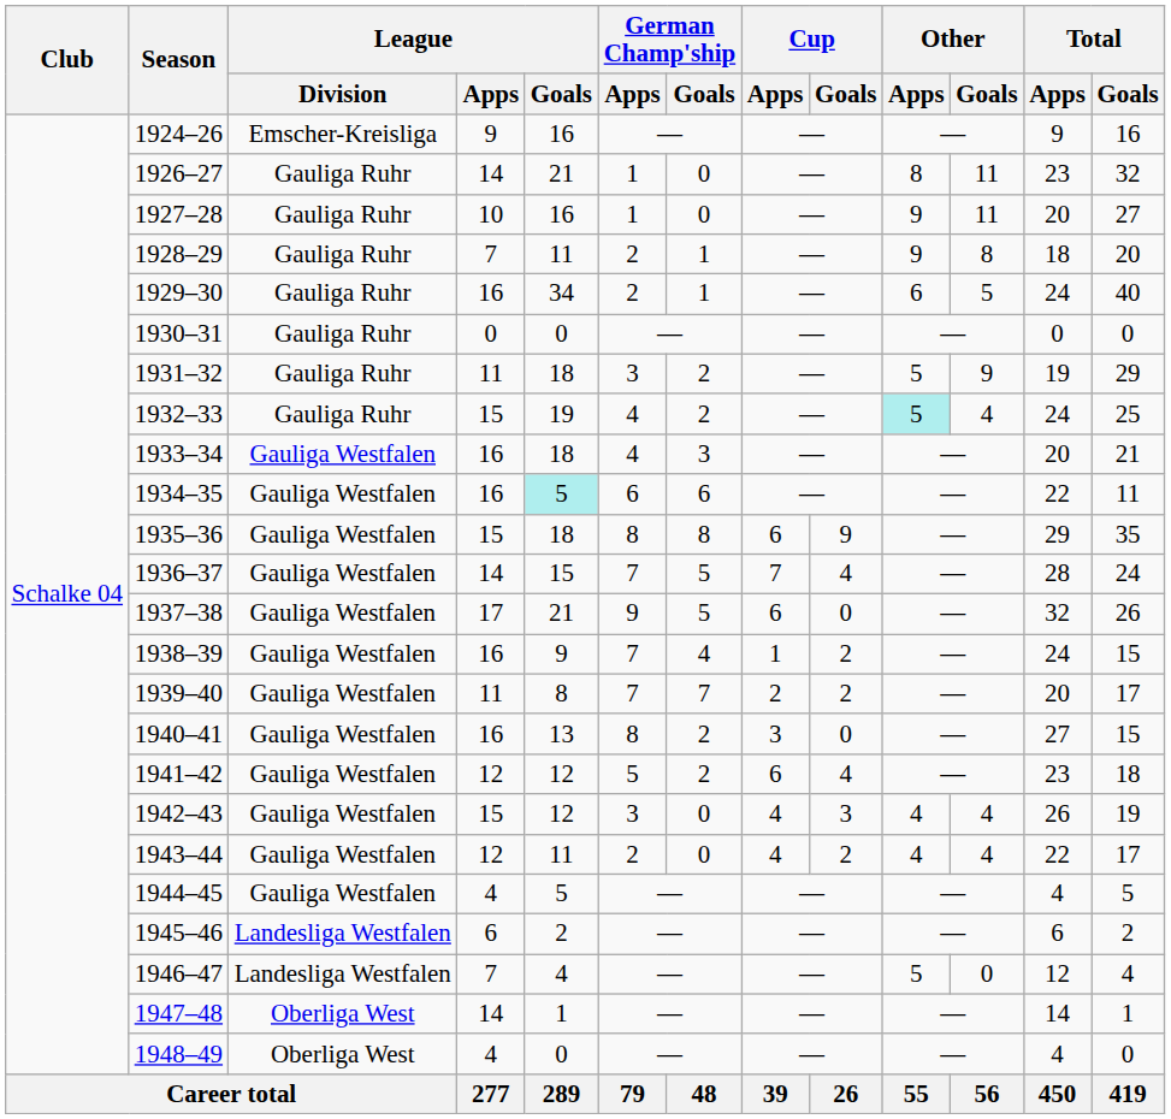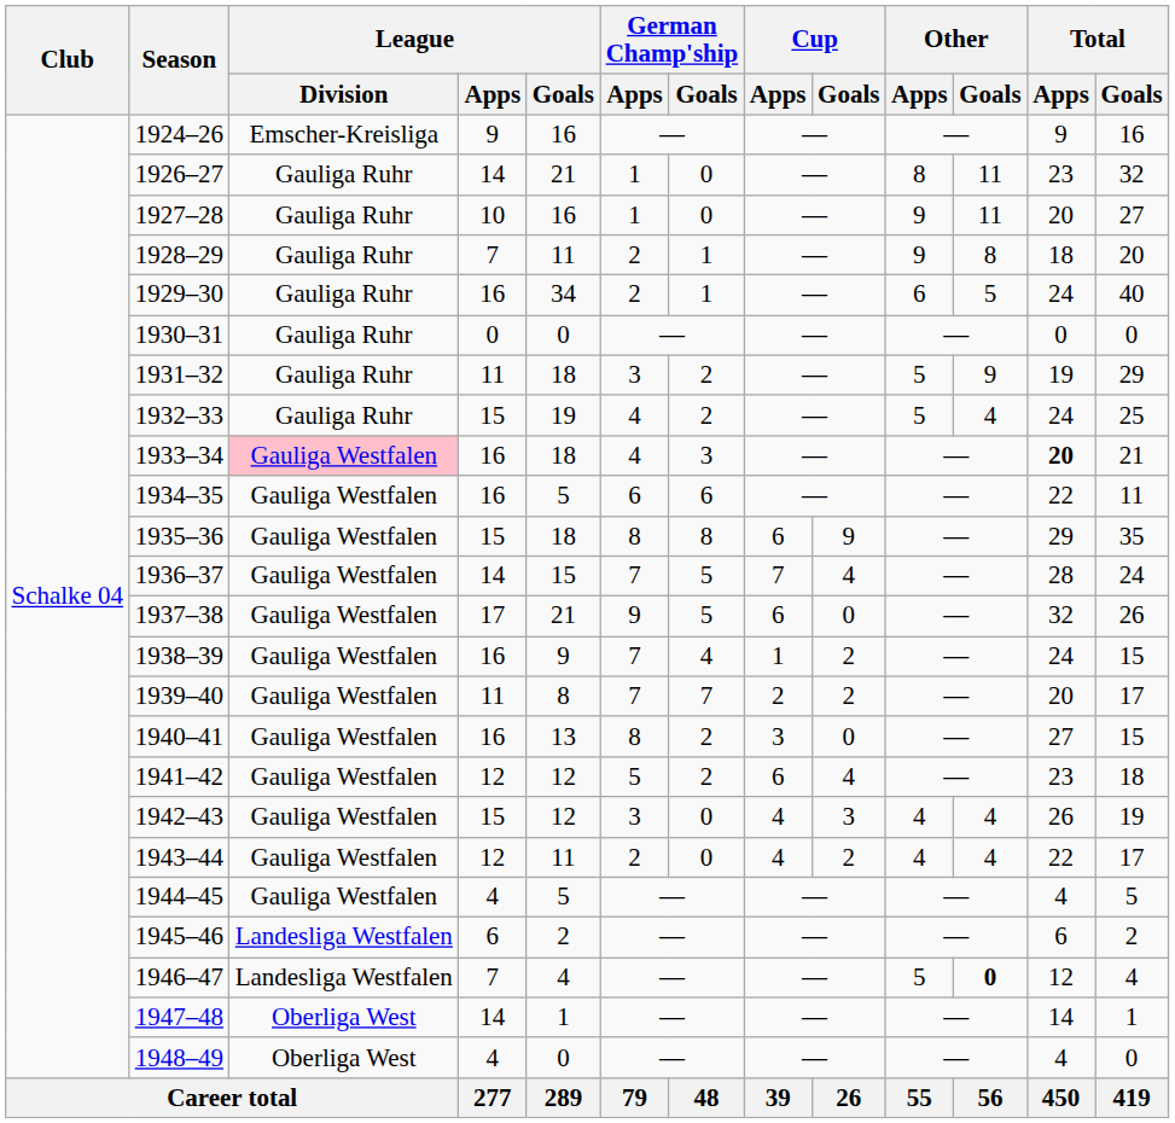 <table class="wikitable" style="text-align:center">
 <tr>
 <th rowspan="2">Club</th>
 <th rowspan="2">Season</th>
 <th colspan="3">League</th>
 <th colspan="2"><a href='#'>German<br>Champ'ship</a></th>
 <th colspan="2"><a href='#'>Cup</a></th>
 <th colspan="2">Other</th>
 <th colspan="2">Total</th>
 </tr>
 <tr>
 <th>Division</th>
 <th>Apps</th>
 <th>Goals</th>
 <th>Apps</th>
 <th>Goals</th>
 <th>Apps</th>
 <th>Goals</th>
 <th>Apps</th>
 <th>Goals</th>
 <th>Apps</th>
 <th>Goals</th>
 </tr>
 <tr>
 <td rowspan="24"><a href='#'>Schalke 04</a></td>
 <td>1924–26</td>
 <td>Emscher-Kreisliga</td>
 <td>9</td>
 <td>16</td>
 <td colspan="2">—</td>
 <td colspan="2">—</td>
 <td colspan="2">—</td>
 <td>9</td>
 <td>16</td>
 </tr>
 <tr>
 <td>1926–27</td>
 <td>Gauliga Ruhr</td>
 <td>14</td>
 <td>21</td>
 <td>1</td>
 <td>0</td>
 <td colspan="2">—</td>
 <td>8</td>
 <td>11</td>
 <td>23</td>
 <td>32</td>
 </tr>
 <tr>
 <td>1927–28</td>
 <td>Gauliga Ruhr</td>
 <td>10</td>
 <td>16</td>
 <td>1</td>
 <td>0</td>
 <td colspan="2">—</td>
 <td>9</td>
 <td>11</td>
 <td>20</td>
 <td>27</td>
 </tr>
 <tr>
 <td>1928–29</td>
 <td>Gauliga Ruhr</td>
 <td>7</td>
 <td>11</td>
 <td>2</td>
 <td>1</td>
 <td colspan="2">—</td>
 <td>9</td>
 <td>8</td>
 <td>18</td>
 <td>20</td>
 </tr>
 <tr>
 <td>1929–30</td>
 <td>Gauliga Ruhr</td>
 <td>16</td>
 <td>34</td>
 <td>2</td>
 <td>1</td>
 <td colspan="2">—</td>
 <td>6</td>
 <td>5</td>
 <td>24</td>
 <td>40</td>
 </tr>
 <tr>
 <td>1930–31</td>
 <td>Gauliga Ruhr</td>
 <td>0</td>
 <td>0</td>
 <td colspan="2">—</td>
 <td colspan="2">—</td>
 <td colspan="2">—</td>
 <td>0</td>
 <td>0</td>
 </tr>
 <tr>
 <td>1931–32</td>
 <td>Gauliga Ruhr</td>
 <td>11</td>
 <td>18</td>
 <td>3</td>
 <td>2</td>
 <td colspan="2">—</td>
 <td>5</td>
 <td>9</td>
 <td>19</td>
 <td>29</td>
 </tr>
 <tr>
 <td>1932–33</td>
 <td>Gauliga Ruhr</td>
 <td>15</td>
 <td>19</td>
 <td>4</td>
 <td>2</td>
 <td colspan="2">—</td>
-<td style="background: paleturquoise;">5</td>
+<td>5</td>
 <td>4</td>
 <td>24</td>
 <td>25</td>
 </tr>
 <tr>
 <td>1933–34</td>
-<td><a href='#'>Gauliga Westfalen</a></td>
+<td style="background: pink;"><a href='#'>Gauliga Westfalen</a></td>
 <td>16</td>
 <td>18</td>
 <td>4</td>
 <td>3</td>
 <td colspan="2">—</td>
 <td colspan="2">—</td>
-<td>20</td>
+<td><strong>20</strong></td>
 <td>21</td>
 </tr>
 <tr>
 <td>1934–35</td>
 <td>Gauliga Westfalen</td>
 <td>16</td>
-<td style="background: paleturquoise;">5</td>
+<td>5</td>
 <td>6</td>
 <td>6</td>
 <td colspan="2">—</td>
 <td colspan="2">—</td>
 <td>22</td>
 <td>11</td>
 </tr>
 <tr>
 <td>1935–36</td>
 <td>Gauliga Westfalen</td>
 <td>15</td>
 <td>18</td>
 <td>8</td>
 <td>8</td>
 <td>6</td>
 <td>9</td>
 <td colspan="2">—</td>
 <td>29</td>
 <td>35</td>
 </tr>
 <tr>
 <td>1936–37</td>
 <td>Gauliga Westfalen</td>
 <td>14</td>
 <td>15</td>
 <td>7</td>
 <td>5</td>
 <td>7</td>
 <td>4</td>
 <td colspan="2">—</td>
 <td>28</td>
 <td>24</td>
 </tr>
 <tr>
 <td>1937–38</td>
 <td>Gauliga Westfalen</td>
 <td>17</td>
 <td>21</td>
 <td>9</td>
 <td>5</td>
 <td>6</td>
 <td>0</td>
 <td colspan="2">—</td>
 <td>32</td>
 <td>26</td>
 </tr>
 <tr>
 <td>1938–39</td>
 <td>Gauliga Westfalen</td>
 <td>16</td>
 <td>9</td>
 <td>7</td>
 <td>4</td>
 <td>1</td>
 <td>2</td>
 <td colspan="2">—</td>
 <td>24</td>
 <td>15</td>
 </tr>
 <tr>
 <td>1939–40</td>
 <td>Gauliga Westfalen</td>
 <td>11</td>
 <td>8</td>
 <td>7</td>
 <td>7</td>
 <td>2</td>
 <td>2</td>
 <td colspan="2">—</td>
 <td>20</td>
 <td>17</td>
 </tr>
 <tr>
 <td>1940–41</td>
 <td>Gauliga Westfalen</td>
 <td>16</td>
 <td>13</td>
 <td>8</td>
 <td>2</td>
 <td>3</td>
 <td>0</td>
 <td colspan="2">—</td>
 <td>27</td>
 <td>15</td>
 </tr>
 <tr>
 <td>1941–42</td>
 <td>Gauliga Westfalen</td>
 <td>12</td>
 <td>12</td>
 <td>5</td>
 <td>2</td>
 <td>6</td>
 <td>4</td>
 <td colspan="2">—</td>
 <td>23</td>
 <td>18</td>
 </tr>
 <tr>
 <td>1942–43</td>
 <td>Gauliga Westfalen</td>
 <td>15</td>
 <td>12</td>
 <td>3</td>
 <td>0</td>
 <td>4</td>
 <td>3</td>
 <td>4</td>
 <td>4</td>
 <td>26</td>
 <td>19</td>
 </tr>
 <tr>
 <td>1943–44</td>
 <td>Gauliga Westfalen</td>
 <td>12</td>
 <td>11</td>
 <td>2</td>
 <td>0</td>
 <td>4</td>
 <td>2</td>
 <td>4</td>
 <td>4</td>
 <td>22</td>
 <td>17</td>
 </tr>
 <tr>
 <td>1944–45</td>
 <td>Gauliga Westfalen</td>
 <td>4</td>
 <td>5</td>
 <td colspan="2">—</td>
 <td colspan="2">—</td>
 <td colspan="2">—</td>
 <td>4</td>
 <td>5</td>
 </tr>
 <tr>
 <td>1945–46</td>
 <td><a href='#'>Landesliga Westfalen</a></td>
 <td>6</td>
 <td>2</td>
 <td colspan="2">—</td>
 <td colspan="2">—</td>
 <td colspan="2">—</td>
 <td>6</td>
 <td>2</td>
 </tr>
 <tr>
 <td>1946–47</td>
 <td>Landesliga Westfalen</td>
 <td>7</td>
 <td>4</td>
 <td colspan="2">—</td>
 <td colspan="2">—</td>
 <td>5</td>
-<td>0</td>
+<td><strong>0</strong></td>
 <td>12</td>
 <td>4</td>
 </tr>
 <tr>
 <td><a href='#'>1947–48</a></td>
 <td><a href='#'>Oberliga West</a></td>
 <td>14</td>
 <td>1</td>
 <td colspan="2">—</td>
 <td colspan="2">—</td>
 <td colspan="2">—</td>
 <td>14</td>
 <td>1</td>
 </tr>
 <tr>
 <td><a href='#'>1948–49</a></td>
 <td>Oberliga West</td>
 <td>4</td>
 <td>0</td>
 <td colspan="2">—</td>
 <td colspan="2">—</td>
 <td colspan="2">—</td>
 <td>4</td>
 <td>0</td>
 </tr>
 <tr>
 <th colspan="3">Career total</th>
 <th>277</th>
 <th>289</th>
 <th>79</th>
 <th>48</th>
 <th>39</th>
 <th>26</th>
 <th>55</th>
 <th>56</th>
 <th>450</th>
 <th>419</th>
 </tr>
 </table>
